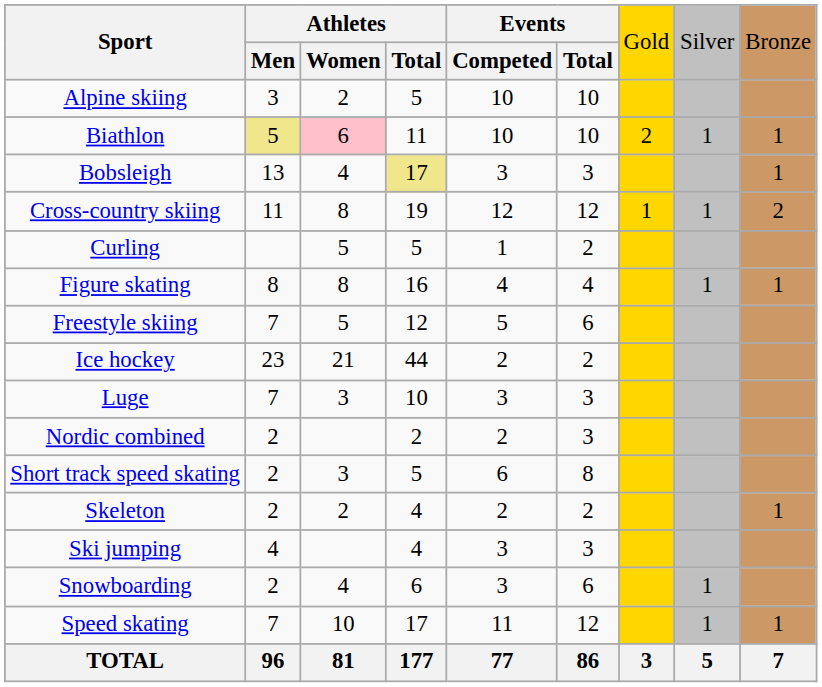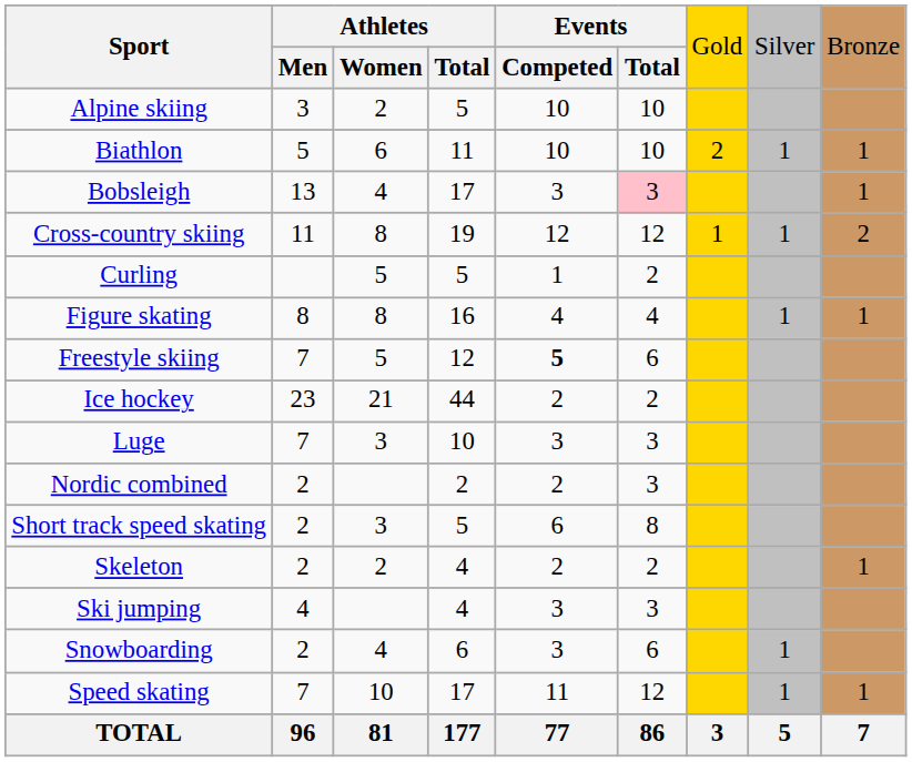 <table class="wikitable" style="text-align:center; font-size:80%">
 <tr>
 <th rowspan=2>Sport</th>
 <th colspan=3>Athletes</th>
 <th colspan=2>Events</th>
 <td rowspan=2 bgcolor=gold>Gold</td>
 <td rowspan=2 bgcolor=silver>Silver</td>
 <td rowspan=2 bgcolor=CC9966>Bronze</td>
 </tr>
 <tr>
 <th>Men</th>
 <th>Women</th>
 <th>Total</th>
 <th>Competed</th>
 <th>Total</th>
 </tr>
 <tr>
 <td><a href='#'>Alpine skiing</a></td>
 <td>3</td>
 <td>2</td>
 <td>5</td>
 <td>10</td>
 <td>10</td>
 <td bgcolor=gold></td>
 <td bgcolor=silver></td>
 <td bgcolor=CC9966></td>
 </tr>
 <tr>
 <td><a href='#'>Biathlon</a></td>
-<td style="background: khaki;">5</td>
-<td style="background: pink;">6</td>
+<td>5</td>
+<td>6</td>
 <td>11</td>
 <td>10</td>
 <td>10</td>
 <td bgcolor=gold>2</td>
 <td bgcolor=silver>1</td>
 <td bgcolor=CC9966>1</td>
 </tr>
 <tr>
 <td><a href='#'>Bobsleigh</a></td>
 <td>13</td>
 <td>4</td>
-<td style="background: khaki;">17</td>
+<td>17</td>
 <td>3</td>
-<td>3</td>
+<td style="background: pink;">3</td>
 <td bgcolor=gold></td>
 <td bgcolor=silver></td>
 <td bgcolor=CC9966>1</td>
 </tr>
 <tr>
 <td><a href='#'>Cross-country skiing</a></td>
 <td>11</td>
 <td>8</td>
 <td>19</td>
 <td>12</td>
 <td>12</td>
 <td bgcolor=gold>1</td>
 <td bgcolor=silver>1</td>
 <td bgcolor=CC9966>2</td>
 </tr>
 <tr>
 <td><a href='#'>Curling</a></td>
 <td></td>
 <td>5</td>
 <td>5</td>
 <td>1</td>
 <td>2</td>
 <td bgcolor=gold></td>
 <td bgcolor=silver></td>
 <td bgcolor=CC9966></td>
 </tr>
 <tr>
 <td><a href='#'>Figure skating</a></td>
 <td>8</td>
 <td>8</td>
 <td>16</td>
 <td>4</td>
 <td>4</td>
 <td bgcolor=gold></td>
 <td bgcolor=silver>1</td>
 <td bgcolor=CC9966>1</td>
 </tr>
 <tr>
 <td><a href='#'>Freestyle skiing</a></td>
 <td>7</td>
 <td>5</td>
 <td>12</td>
-<td>5</td>
+<td><strong>5</strong></td>
 <td>6</td>
 <td bgcolor=gold></td>
 <td bgcolor=silver></td>
 <td bgcolor=CC9966></td>
 </tr>
 <tr>
 <td><a href='#'>Ice hockey</a></td>
 <td>23</td>
 <td>21</td>
 <td>44</td>
 <td>2</td>
 <td>2</td>
 <td bgcolor=gold></td>
 <td bgcolor=silver></td>
 <td bgcolor=CC9966></td>
 </tr>
 <tr>
 <td><a href='#'>Luge</a></td>
 <td>7</td>
 <td>3</td>
 <td>10</td>
 <td>3</td>
 <td>3</td>
 <td bgcolor=gold></td>
 <td bgcolor=silver></td>
 <td bgcolor=CC9966></td>
 </tr>
 <tr>
 <td><a href='#'>Nordic combined</a></td>
 <td>2</td>
 <td></td>
 <td>2</td>
 <td>2</td>
 <td>3</td>
 <td bgcolor=gold></td>
 <td bgcolor=silver></td>
 <td bgcolor=CC9966></td>
 </tr>
 <tr>
 <td><a href='#'>Short track speed skating</a></td>
 <td>2</td>
 <td>3</td>
 <td>5</td>
 <td>6</td>
 <td>8</td>
 <td bgcolor=gold></td>
 <td bgcolor=silver></td>
 <td bgcolor=CC9966></td>
 </tr>
 <tr>
 <td><a href='#'>Skeleton</a></td>
 <td>2</td>
 <td>2</td>
 <td>4</td>
 <td>2</td>
 <td>2</td>
 <td bgcolor=gold></td>
 <td bgcolor=silver></td>
 <td bgcolor=CC9966>1</td>
 </tr>
 <tr>
 <td><a href='#'>Ski jumping</a></td>
 <td>4</td>
 <td></td>
 <td>4</td>
 <td>3</td>
 <td>3</td>
 <td bgcolor=gold></td>
 <td bgcolor=silver></td>
 <td bgcolor=CC9966></td>
 </tr>
 <tr>
 <td><a href='#'>Snowboarding</a></td>
 <td>2</td>
 <td>4</td>
 <td>6</td>
 <td>3</td>
 <td>6</td>
 <td bgcolor=gold></td>
 <td bgcolor=silver>1</td>
 <td bgcolor=CC9966></td>
 </tr>
 <tr>
 <td><a href='#'>Speed skating</a></td>
 <td>7</td>
 <td>10</td>
 <td>17</td>
 <td>11</td>
 <td>12</td>
 <td bgcolor=gold></td>
 <td bgcolor=silver>1</td>
 <td bgcolor=CC9966>1</td>
 </tr>
 <tr>
 <th>TOTAL</th>
 <th>96</th>
 <th>81</th>
 <th>177</th>
 <th>77</th>
 <th>86</th>
 <th>3</th>
 <th>5</th>
 <th>7</th>
 </tr>
 </table>
